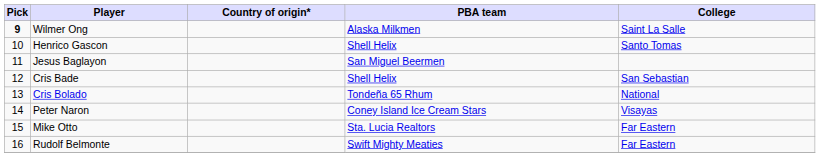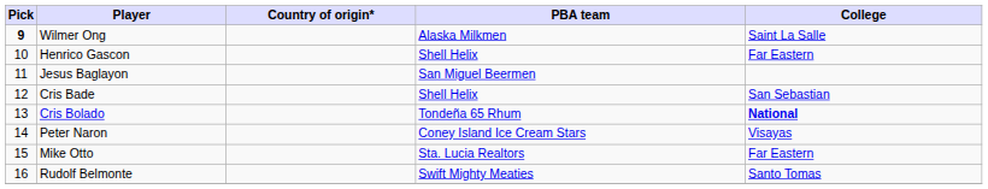 <table class="wikitable">
 <tr>
 <th style="background:#DDDDFF;">Pick</th>
 <th style="background:#DDDDFF;" width="20%">Player</th>
 <th style="background:#DDDDFF;" width="20%">Country of origin*</th>
 <th style="background:#DDDDFF;" width="35%">PBA team</th>
 <th style="background:#DDDDFF;" width="25%">College</th>
 </tr>
 <tr>
 <td align=center><strong>9</strong></td>
 <td>Wilmer Ong</td>
 <td></td>
 <td><a href='#'>Alaska Milkmen</a></td>
 <td><a href='#'>Saint La Salle</a></td>
 </tr>
 <tr>
 <td align=center>10</td>
 <td>Henrico Gascon</td>
 <td></td>
 <td><a href='#'>Shell Helix</a></td>
-<td><a href='#'>Santo Tomas</a></td>
+<td><a href='#'>Far Eastern</a></td>
 </tr>
 <tr>
 <td align=center>11</td>
 <td>Jesus Baglayon</td>
 <td></td>
 <td><a href='#'>San Miguel Beermen</a></td>
 <td></td>
 </tr>
 <tr>
 <td align=center>12</td>
 <td>Cris Bade</td>
 <td></td>
 <td><a href='#'>Shell Helix</a></td>
 <td><a href='#'>San Sebastian</a></td>
 </tr>
 <tr>
 <td align=center>13</td>
 <td><a href='#'>Cris Bolado</a></td>
 <td></td>
 <td><a href='#'>Tondeña 65 Rhum</a></td>
-<td><a href='#'>National</a></td>
+<td><strong><a href='#'>National</a></strong></td>
 </tr>
 <tr>
 <td align=center>14</td>
 <td>Peter Naron</td>
 <td></td>
 <td><a href='#'>Coney Island Ice Cream Stars</a></td>
 <td><a href='#'>Visayas</a></td>
 </tr>
 <tr>
 <td align=center>15</td>
 <td>Mike Otto</td>
 <td></td>
 <td><a href='#'>Sta. Lucia Realtors</a></td>
 <td><a href='#'>Far Eastern</a></td>
 </tr>
 <tr>
 <td align=center>16</td>
 <td>Rudolf Belmonte</td>
 <td></td>
 <td><a href='#'>Swift Mighty Meaties</a></td>
-<td><a href='#'>Far Eastern</a></td>
+<td><a href='#'>Santo Tomas</a></td>
 </tr>
 <tr>
 </tr>
 </table>
